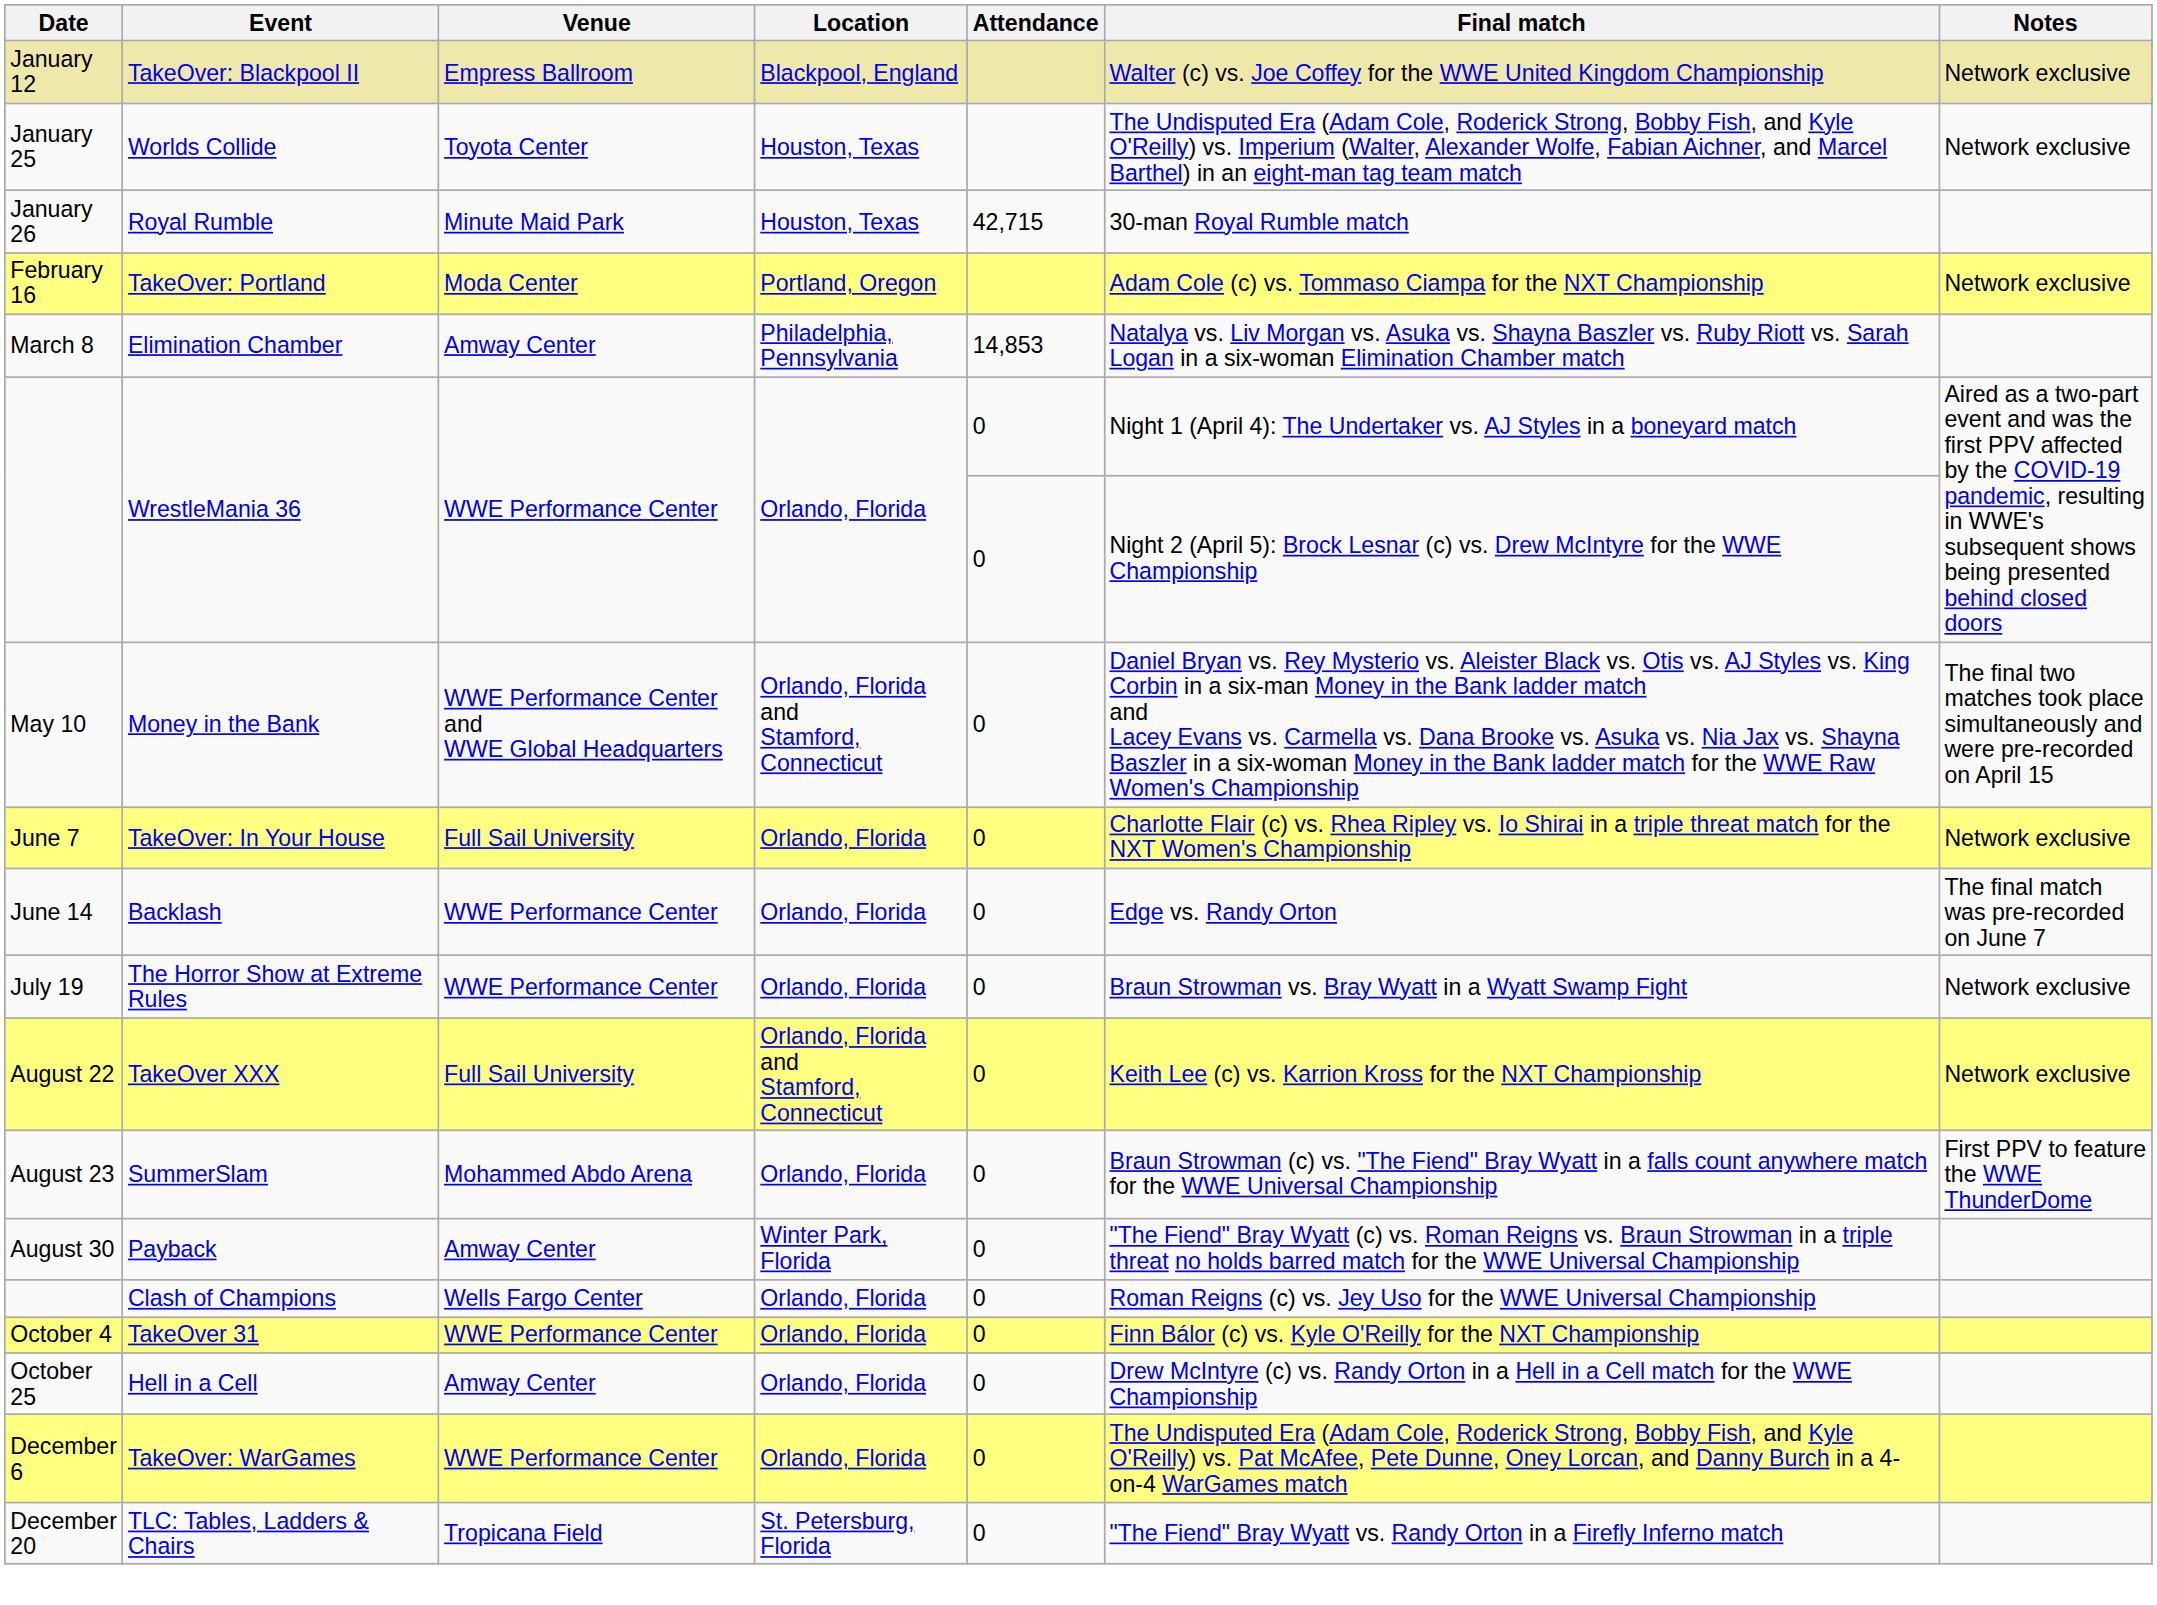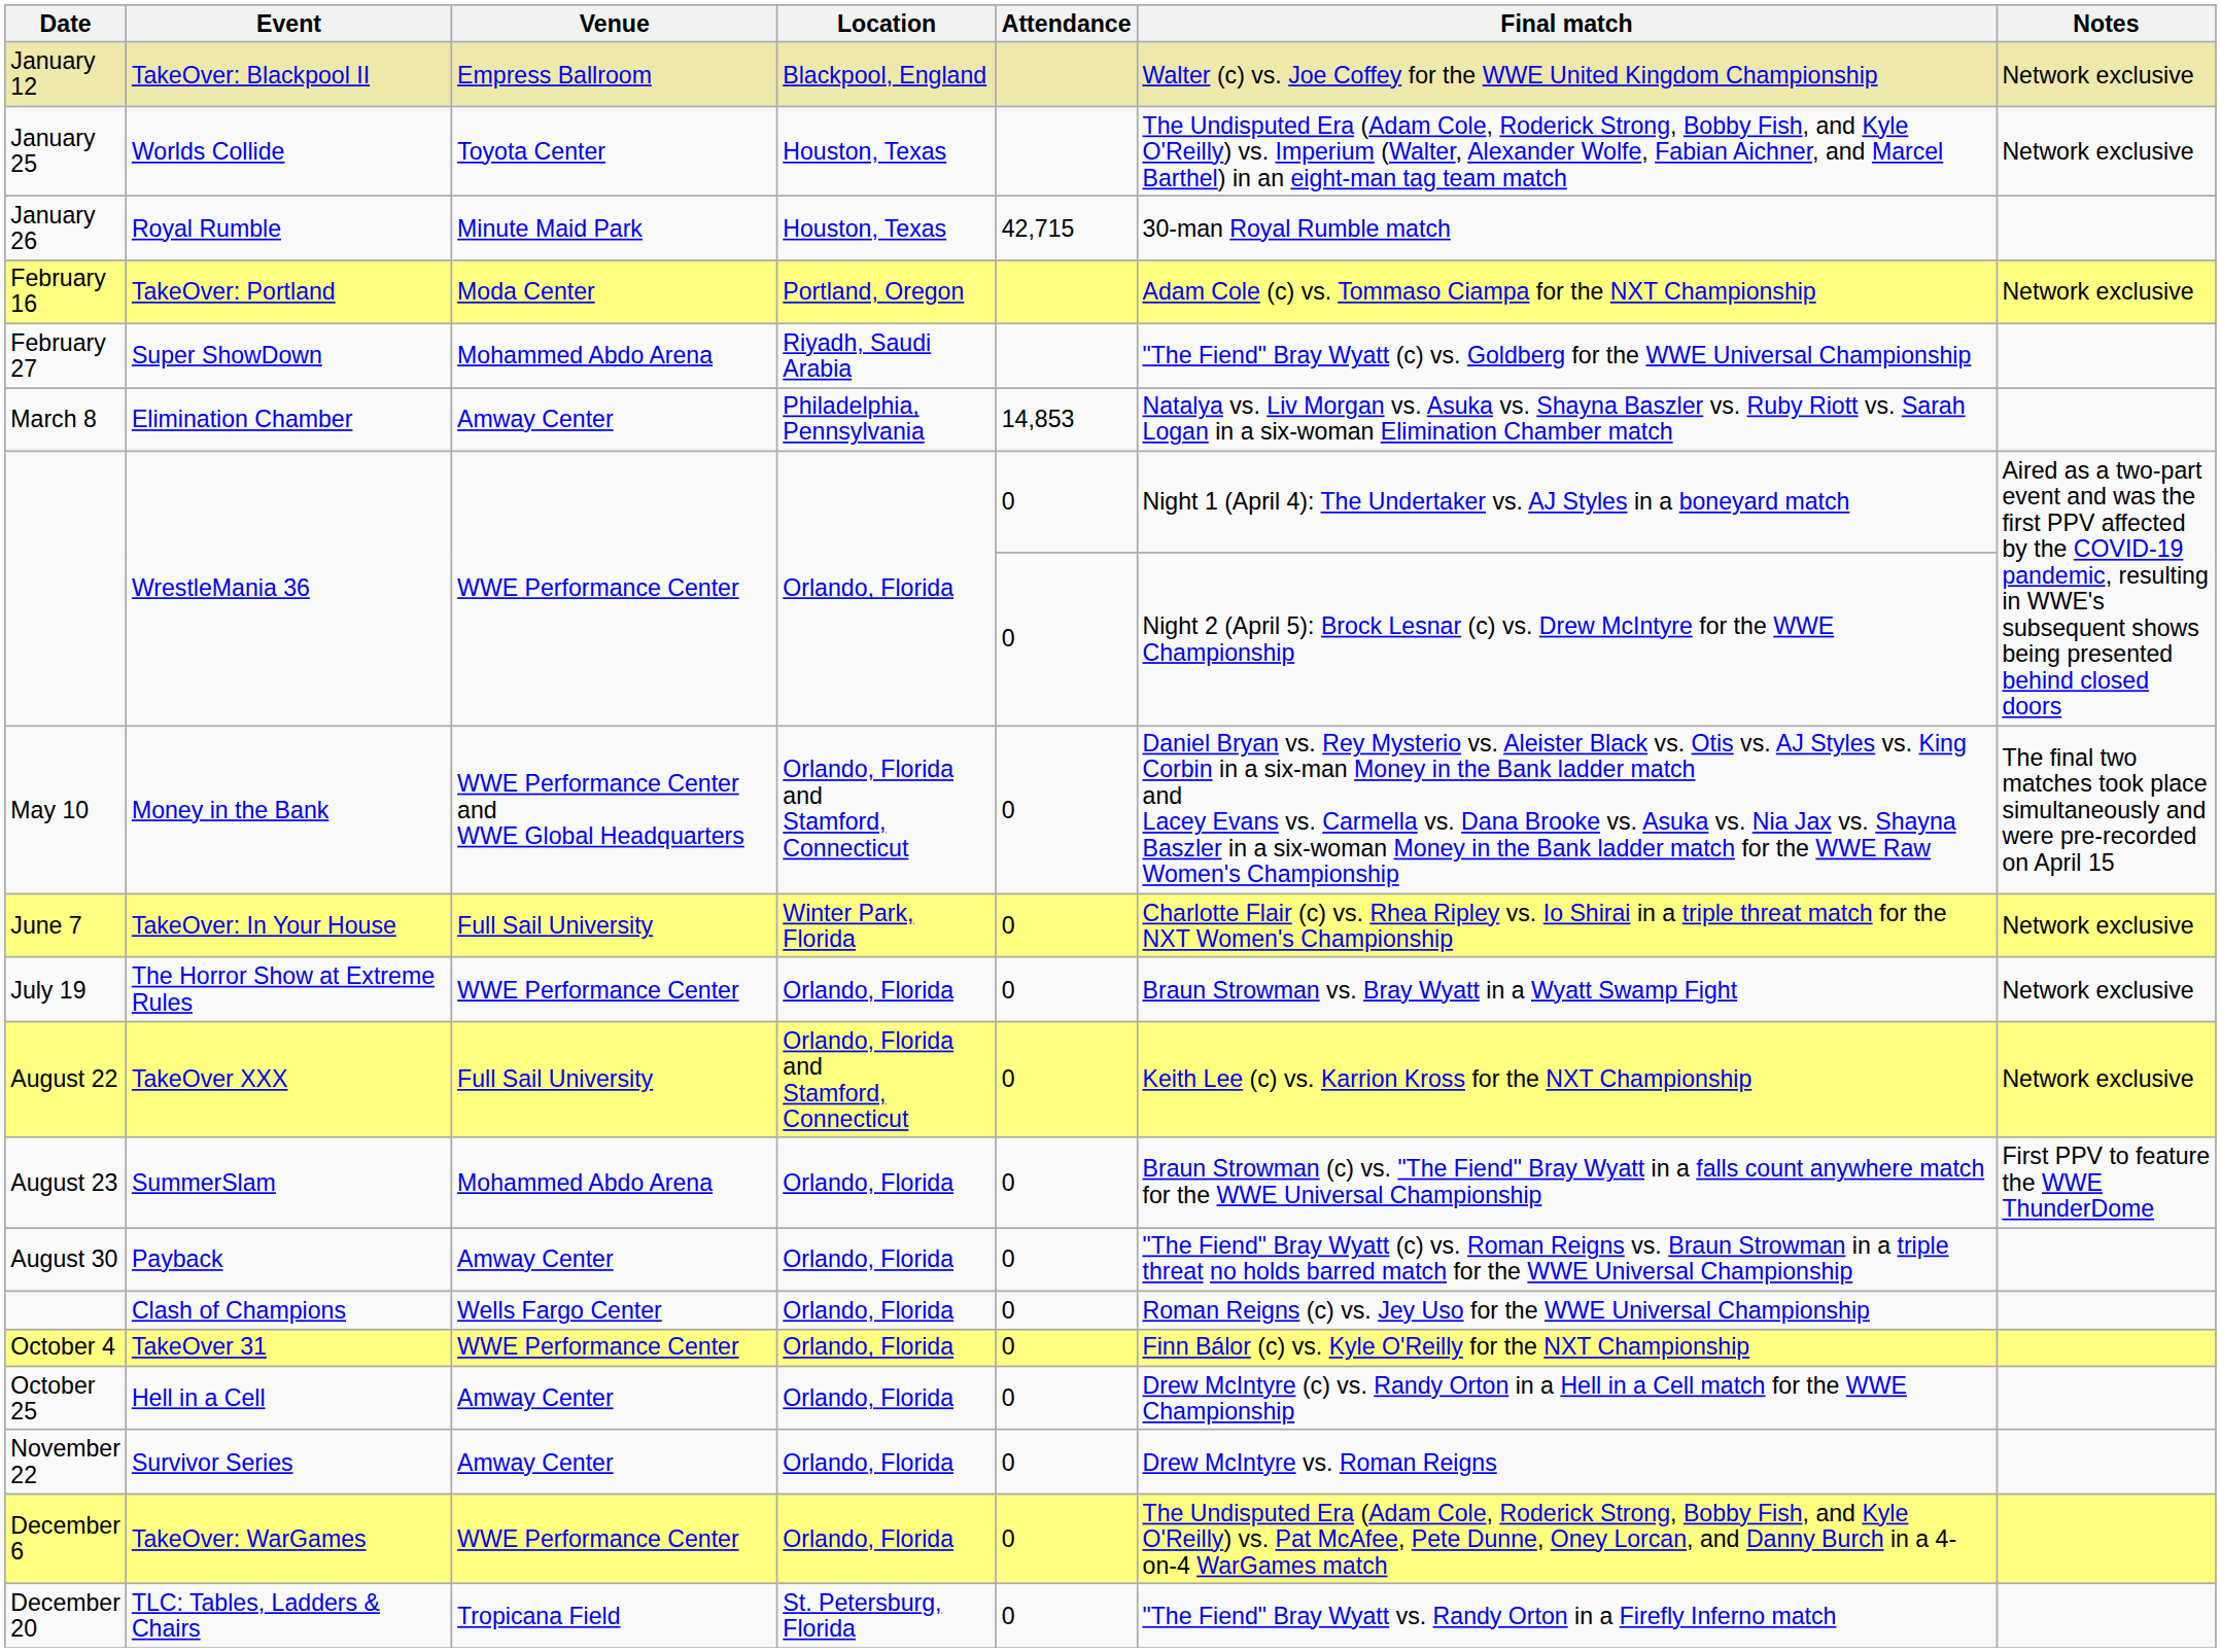 <table id="Past_events_2020" class="sortable wikitable succession-box" style="font-size:85%; width:100%">
 <tr>
 <th scope="col" style="width:5%;">Date</th>
 <th scope="col" style="width:15%;">Event</th>
 <th scope="col" style="width:15%;">Venue</th>
 <th scope="col" style="width:10%;">Location</th>
 <th scope="col" style="width:5%;">Attendance</th>
 <th scope="col" style="width:40%;">Final match</th>
 <th scope="col" style="width:10%;">Notes</th>
 </tr>
 <tr style="background: #EEE8AA">
 <td>January 12</td>
 <td><a href='#'>TakeOver: Blackpool II</a></td>
 <td><a href='#'>Empress Ballroom</a></td>
 <td><a href='#'>Blackpool, England</a></td>
 <td></td>
 <td><a href='#'>Walter</a> (c) vs. <a href='#'>Joe Coffey</a> for the <a href='#'>WWE United Kingdom Championship</a></td>
 <td>Network exclusive</td>
 </tr>
 <tr>
 <td>January 25</td>
 <td><a href='#'>Worlds Collide</a></td>
 <td><a href='#'>Toyota Center</a></td>
 <td><a href='#'>Houston, Texas</a></td>
 <td></td>
 <td><a href='#'>The Undisputed Era</a> (<a href='#'>Adam Cole</a>, <a href='#'>Roderick Strong</a>, <a href='#'>Bobby Fish</a>, and <a href='#'>Kyle O'Reilly</a>) vs. <a href='#'>Imperium</a> (<a href='#'>Walter</a>, <a href='#'>Alexander Wolfe</a>, <a href='#'>Fabian Aichner</a>, and <a href='#'>Marcel Barthel</a>) in an <a href='#'>eight-man tag team match</a></td>
 <td>Network exclusive</td>
 </tr>
 <tr>
 <td>January 26</td>
 <td><a href='#'>Royal Rumble</a></td>
 <td><a href='#'>Minute Maid Park</a></td>
 <td><a href='#'>Houston, Texas</a></td>
 <td>42,715</td>
 <td>30-man <a href='#'>Royal Rumble match</a></td>
 <td></td>
 </tr>
 <tr style="background: #FFFF80;">
 <td>February 16</td>
 <td><a href='#'>TakeOver: Portland</a></td>
 <td><a href='#'>Moda Center</a></td>
 <td><a href='#'>Portland, Oregon</a></td>
 <td></td>
 <td><a href='#'>Adam Cole</a> (c) vs. <a href='#'>Tommaso Ciampa</a> for the <a href='#'>NXT Championship</a></td>
 <td>Network exclusive</td>
 </tr>
 <tr>
+<td>February 27</td>
+<td><a href='#'>Super ShowDown</a></td>
+<td><a href='#'>Mohammed Abdo Arena</a></td>
+<td><a href='#'>Riyadh, Saudi Arabia</a></td>
+<td></td>
+<td><a href='#'>"The Fiend" Bray Wyatt</a> (c) vs. <a href='#'>Goldberg</a> for the <a href='#'>WWE Universal Championship</a></td>
+<td></td>
+</tr>
+<tr>
 <td>March 8</td>
 <td><a href='#'>Elimination Chamber</a></td>
 <td><a href='#'>Amway Center</a></td>
 <td><a href='#'>Philadelphia, Pennsylvania</a></td>
 <td>14,853</td>
 <td><a href='#'>Natalya</a> vs. <a href='#'>Liv Morgan</a> vs. <a href='#'>Asuka</a> vs. <a href='#'>Shayna Baszler</a> vs. <a href='#'>Ruby Riott</a> vs. <a href='#'>Sarah Logan</a> in a six-woman <a href='#'>Elimination Chamber match</a></td>
 <td></td>
 </tr>
 <tr>
 <td rowspan=2> <br></td>
 <td rowspan="2"><a href='#'>WrestleMania 36</a></td>
 <td rowspan="2"><a href='#'>WWE Performance Center</a></td>
 <td rowspan="2"><a href='#'>Orlando, Florida</a></td>
 <td>0</td>
 <td>Night 1 (April 4): <a href='#'>The Undertaker</a> vs. <a href='#'>AJ Styles</a> in a <a href='#'>boneyard match</a></td>
 <td rowspan="2">Aired as a two-part event and was the first PPV affected by the <a href='#'>COVID-19 pandemic</a>, resulting in WWE's subsequent shows being presented <a href='#'>behind closed doors</a></td>
 </tr>
 <tr>
 <td>0</td>
 <td>Night 2 (April 5): <a href='#'>Brock Lesnar</a> (c) vs. <a href='#'>Drew McIntyre</a> for the <a href='#'>WWE Championship</a></td>
 </tr>
 <tr>
 <td>May 10</td>
 <td><a href='#'>Money in the Bank</a></td>
 <td><a href='#'>WWE Performance Center</a><br>and<br><a href='#'>WWE Global Headquarters</a></td>
 <td><a href='#'>Orlando, Florida</a><br>and<br><a href='#'>Stamford, Connecticut</a></td>
 <td>0</td>
 <td><a href='#'>Daniel Bryan</a> vs. <a href='#'>Rey Mysterio</a> vs. <a href='#'>Aleister Black</a> vs. <a href='#'>Otis</a> vs. <a href='#'>AJ Styles</a> vs. <a href='#'>King Corbin</a> in a six-man <a href='#'>Money in the Bank ladder match</a><br>and<br><a href='#'>Lacey Evans</a> vs. <a href='#'>Carmella</a> vs. <a href='#'>Dana Brooke</a> vs. <a href='#'>Asuka</a> vs. <a href='#'>Nia Jax</a> vs. <a href='#'>Shayna Baszler</a> in a six-woman <a href='#'>Money in the Bank ladder match</a> for the <a href='#'>WWE Raw Women's Championship</a></td>
 <td>The final two matches took place simultaneously and were pre-recorded on April 15</td>
 </tr>
 <tr style="background: #FFFF80;">
 <td>June 7</td>
 <td><a href='#'>TakeOver: In Your House</a></td>
 <td><a href='#'>Full Sail University</a></td>
-<td><a href='#'>Orlando, Florida</a></td>
+<td><a href='#'>Winter Park, Florida</a></td>
 <td>0</td>
 <td><a href='#'>Charlotte Flair</a> (c) vs. <a href='#'>Rhea Ripley</a> vs. <a href='#'>Io Shirai</a> in a <a href='#'>triple threat match</a> for the <a href='#'>NXT Women's Championship</a></td>
 <td>Network exclusive</td>
-</tr>
-<tr>
-<td>June 14</td>
-<td><a href='#'>Backlash</a></td>
-<td><a href='#'>WWE Performance Center</a></td>
-<td><a href='#'>Orlando, Florida</a></td>
-<td>0</td>
-<td><a href='#'>Edge</a> vs. <a href='#'>Randy Orton</a></td>
-<td>The final match was pre-recorded on June 7</td>
 </tr>
 <tr>
 <td>July 19</td>
 <td><a href='#'>The Horror Show at Extreme Rules</a></td>
 <td><a href='#'>WWE Performance Center</a></td>
 <td><a href='#'>Orlando, Florida</a></td>
 <td>0</td>
 <td><a href='#'>Braun Strowman</a> vs. <a href='#'>Bray Wyatt</a> in a <a href='#'>Wyatt Swamp Fight</a></td>
 <td>Network exclusive</td>
 </tr>
 <tr style="background: #FFFF80;">
 <td>August 22</td>
 <td><a href='#'>TakeOver XXX</a></td>
 <td><a href='#'>Full Sail University</a></td>
 <td><a href='#'>Orlando, Florida</a><br>and<br><a href='#'>Stamford, Connecticut</a></td>
 <td>0</td>
 <td><a href='#'>Keith Lee</a> (c) vs. <a href='#'>Karrion Kross</a> for the <a href='#'>NXT Championship</a></td>
 <td>Network exclusive</td>
 </tr>
 <tr>
 <td>August 23</td>
 <td><a href='#'>SummerSlam</a></td>
 <td><a href='#'>Mohammed Abdo Arena</a></td>
 <td><a href='#'>Orlando, Florida</a></td>
 <td>0</td>
 <td><a href='#'>Braun Strowman</a> (c) vs. <a href='#'>"The Fiend" Bray Wyatt</a> in a <a href='#'>falls count anywhere match</a> for the <a href='#'>WWE Universal Championship</a></td>
 <td>First PPV to feature the <a href='#'>WWE ThunderDome</a></td>
 </tr>
 <tr>
 <td>August 30</td>
 <td><a href='#'>Payback</a></td>
 <td><a href='#'>Amway Center</a></td>
-<td><a href='#'>Winter Park, Florida</a></td>
+<td><a href='#'>Orlando, Florida</a></td>
 <td>0</td>
 <td><a href='#'>"The Fiend" Bray Wyatt</a> (c) vs. <a href='#'>Roman Reigns</a> vs. <a href='#'>Braun Strowman</a> in a <a href='#'>triple threat</a> <a href='#'>no holds barred match</a> for the <a href='#'>WWE Universal Championship</a></td>
 <td></td>
 </tr>
 <tr>
 <td></td>
 <td><a href='#'>Clash of Champions</a></td>
 <td><a href='#'>Wells Fargo Center</a></td>
 <td><a href='#'>Orlando, Florida</a></td>
 <td>0</td>
 <td><a href='#'>Roman Reigns</a> (c) vs. <a href='#'>Jey Uso</a> for the <a href='#'>WWE Universal Championship</a></td>
 <td></td>
 </tr>
 <tr style="background: #FFFF80;">
 <td>October 4</td>
 <td><a href='#'>TakeOver 31</a></td>
 <td><a href='#'>WWE Performance Center</a></td>
 <td><a href='#'>Orlando, Florida</a></td>
 <td>0</td>
 <td><a href='#'>Finn Bálor</a> (c) vs. <a href='#'>Kyle O'Reilly</a> for the <a href='#'>NXT Championship</a></td>
 <td></td>
 </tr>
 <tr>
 <td>October 25</td>
 <td><a href='#'>Hell in a Cell</a></td>
 <td><a href='#'>Amway Center</a></td>
 <td><a href='#'>Orlando, Florida</a></td>
 <td>0</td>
 <td><a href='#'>Drew McIntyre</a> (c) vs. <a href='#'>Randy Orton</a> in a <a href='#'>Hell in a Cell match</a> for the <a href='#'>WWE Championship</a></td>
 <td></td>
 </tr>
+<tr>
+<td>November 22</td>
+<td><a href='#'>Survivor Series</a></td>
+<td><a href='#'>Amway Center</a></td>
+<td><a href='#'>Orlando, Florida</a></td>
+<td>0</td>
+<td><a href='#'>Drew McIntyre</a> vs. <a href='#'>Roman Reigns</a></td>
+<td></td>
+</tr>
 <tr style="background: #FFFF80;">
 <td>December 6</td>
 <td><a href='#'>TakeOver: WarGames</a></td>
 <td><a href='#'>WWE Performance Center</a></td>
 <td><a href='#'>Orlando, Florida</a></td>
 <td>0</td>
 <td><a href='#'>The Undisputed Era</a> (<a href='#'>Adam Cole</a>, <a href='#'>Roderick Strong</a>, <a href='#'>Bobby Fish</a>, and <a href='#'>Kyle O'Reilly</a>) vs. <a href='#'>Pat McAfee</a>, <a href='#'>Pete Dunne</a>, <a href='#'>Oney Lorcan</a>, and <a href='#'>Danny Burch</a> in a 4-on-4 <a href='#'>WarGames match</a></td>
 <td></td>
 </tr>
 <tr>
 <td>December 20</td>
 <td><a href='#'>TLC: Tables, Ladders & Chairs</a></td>
 <td><a href='#'>Tropicana Field</a></td>
 <td><a href='#'>St. Petersburg, Florida</a></td>
 <td>0</td>
 <td><a href='#'>"The Fiend" Bray Wyatt</a> vs. <a href='#'>Randy Orton</a> in a <a href='#'>Firefly Inferno match</a></td>
 <td></td>
 </tr>
 </table>
